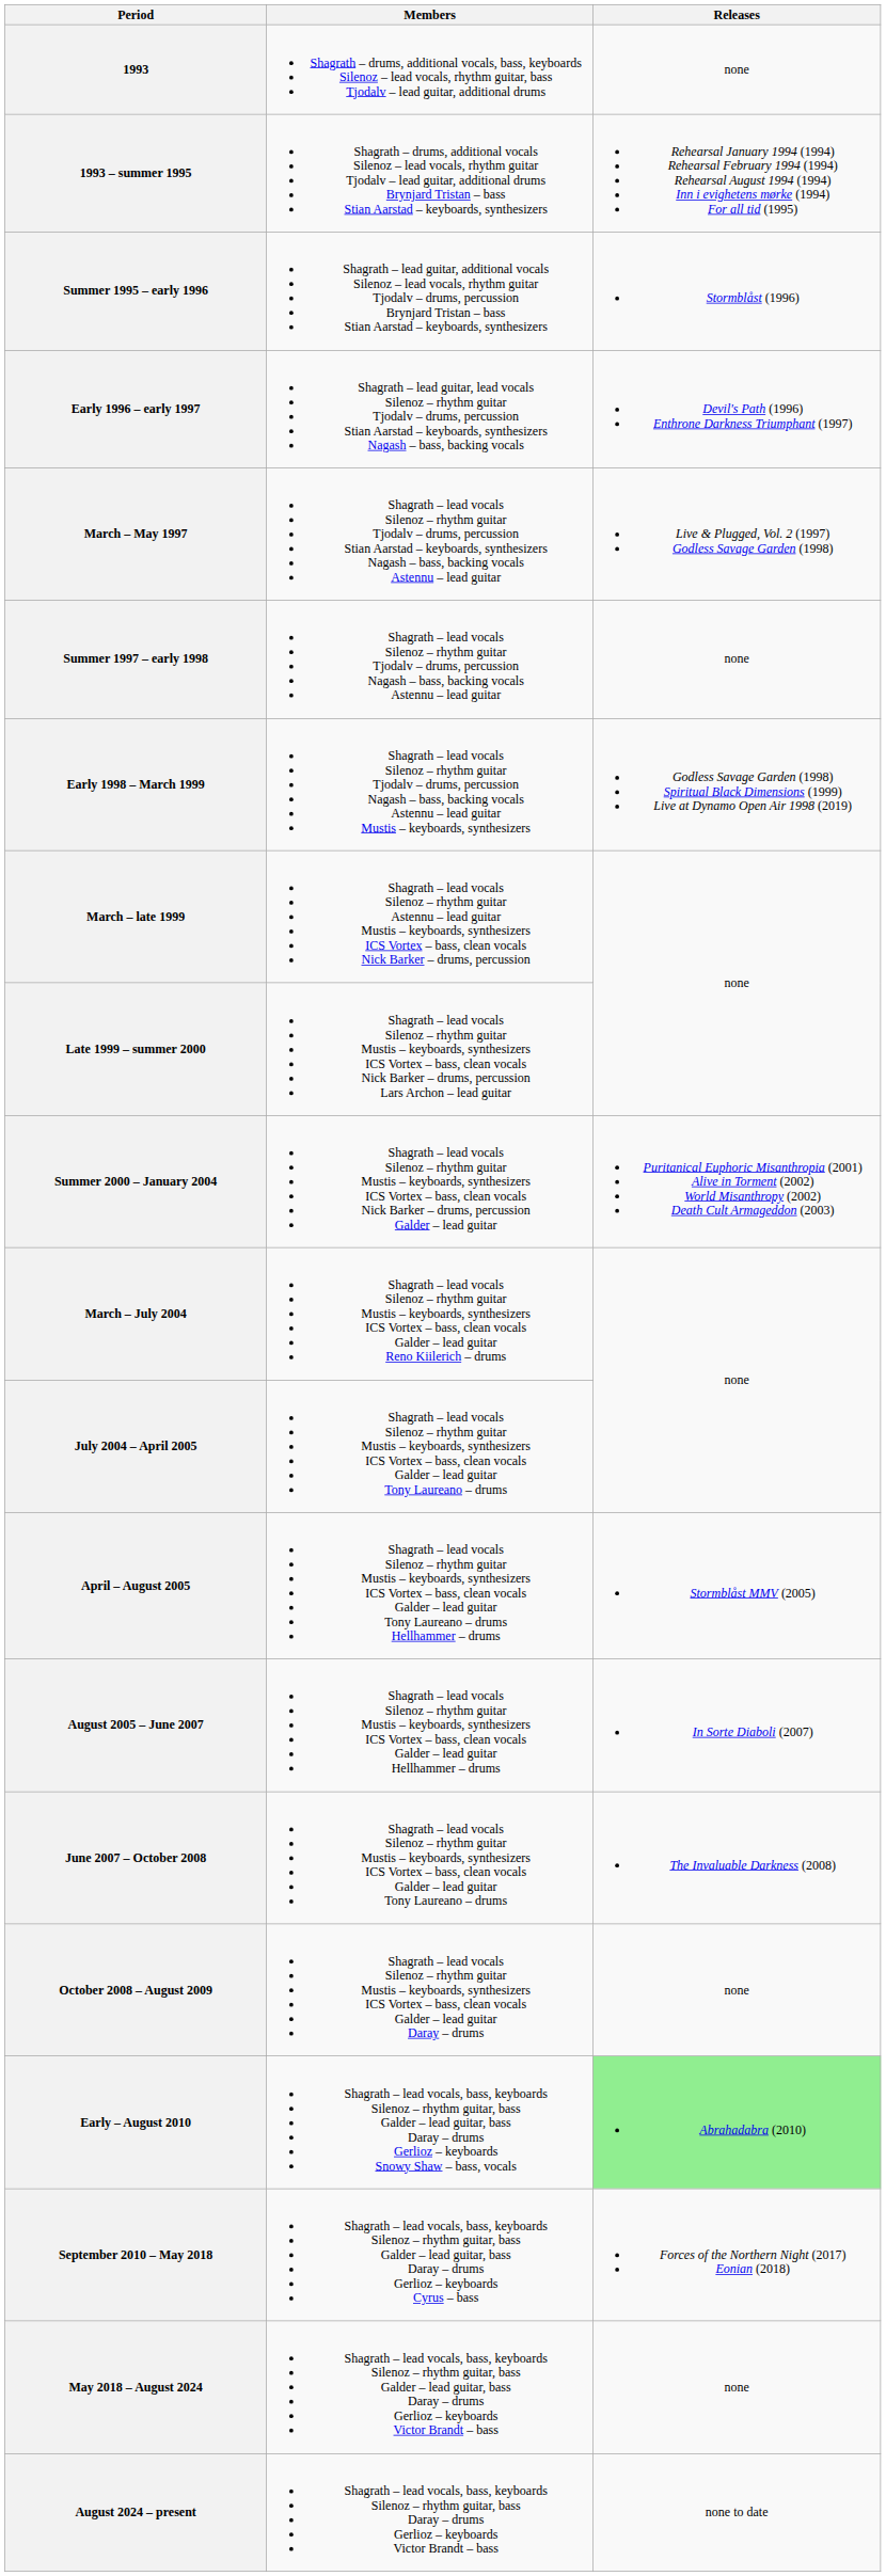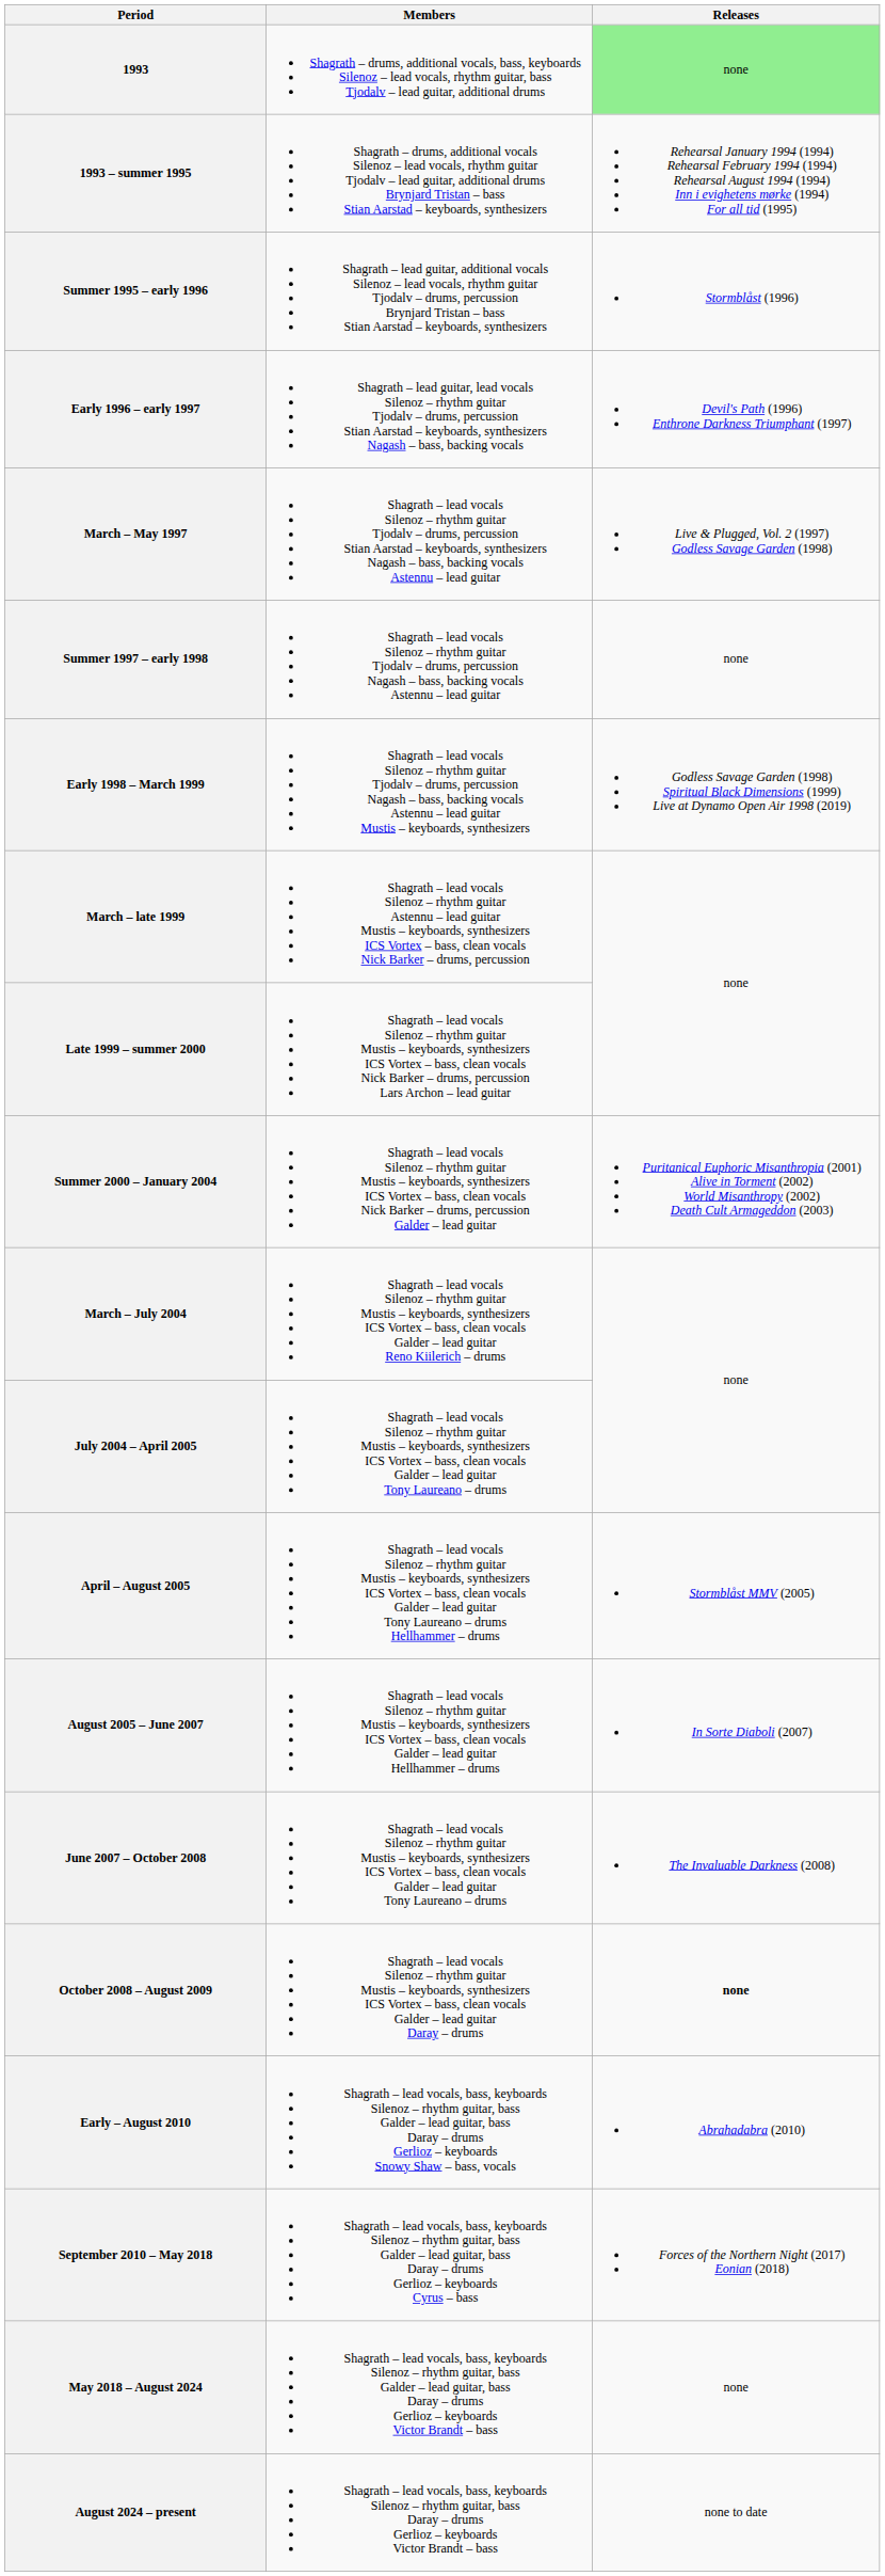 <table class="wikitable plainrowheaders" style="text-align:center;">
 <tr>
 <th scope="col" style="width:20em;">Period</th>
 <th scope="col" style="width:25em;">Members</th>
 <th scope="col" style="width:22em;">Releases</th>
 </tr>
 <tr>
 <th scope="col">1993</th>
 <td><br><ul><li><a href='#'>Shagrath</a> – drums, additional vocals, bass, keyboards</li><li><a href='#'>Silenoz</a> – lead vocals, rhythm guitar, bass</li><li><a href='#'>Tjodalv</a> – lead guitar, additional drums</li></ul></td>
-<td>none</td>
+<td style="background: lightgreen;">none</td>
 </tr>
 <tr>
 <th scope="col">1993 – summer 1995</th>
 <td><br><ul><li>Shagrath – drums, additional vocals</li><li>Silenoz – lead vocals, rhythm guitar</li><li>Tjodalv – lead guitar, additional drums</li><li><a href='#'>Brynjard Tristan</a> – bass</li><li><a href='#'>Stian Aarstad</a> – keyboards, synthesizers</li></ul></td>
 <td><br><ul><li><em>Rehearsal January 1994</em> (1994)</li><li><em>Rehearsal February 1994</em> (1994)</li><li><em>Rehearsal August 1994</em> (1994)</li><li><em><a href='#'>Inn i evighetens mørke</a></em> (1994)</li><li><em><a href='#'>For all tid</a></em> (1995)</li></ul></td>
 </tr>
 <tr>
 <th scope="col">Summer 1995 – early 1996</th>
 <td><br><ul><li>Shagrath – lead guitar, additional vocals</li><li>Silenoz – lead vocals, rhythm guitar</li><li>Tjodalv – drums, percussion</li><li>Brynjard Tristan – bass</li><li>Stian Aarstad – keyboards, synthesizers</li></ul></td>
 <td><br><ul><li><em><a href='#'>Stormblåst</a></em> (1996)</li></ul></td>
 </tr>
 <tr>
 <th scope="col">Early 1996 – early 1997</th>
 <td><br><ul><li>Shagrath – lead guitar, lead vocals</li><li>Silenoz – rhythm guitar</li><li>Tjodalv – drums, percussion</li><li>Stian Aarstad – keyboards, synthesizers</li><li><a href='#'>Nagash</a> – bass, backing vocals</li></ul></td>
 <td><br><ul><li><em><a href='#'>Devil's Path</a></em> (1996)</li><li><em><a href='#'>Enthrone Darkness Triumphant</a></em> (1997)</li></ul></td>
 </tr>
 <tr>
 <th scope="col">March – May 1997</th>
 <td><br><ul><li>Shagrath – lead vocals</li><li>Silenoz – rhythm guitar</li><li>Tjodalv – drums, percussion</li><li>Stian Aarstad – keyboards, synthesizers</li><li>Nagash – bass, backing vocals</li><li><a href='#'>Astennu</a> – lead guitar</li></ul></td>
 <td><br><ul><li><em>Live & Plugged, Vol. 2</em> (1997)</li><li><em><a href='#'>Godless Savage Garden</a></em> (1998) </li></ul></td>
 </tr>
 <tr>
 <th scope="col">Summer 1997 – early 1998</th>
 <td><br><ul><li>Shagrath – lead vocals</li><li>Silenoz – rhythm guitar</li><li>Tjodalv – drums, percussion</li><li>Nagash – bass, backing vocals</li><li>Astennu – lead guitar</li></ul></td>
 <td>none</td>
 </tr>
 <tr>
 <th scope="col">Early 1998 – March 1999</th>
 <td><br><ul><li>Shagrath – lead vocals</li><li>Silenoz – rhythm guitar</li><li>Tjodalv – drums, percussion</li><li>Nagash – bass, backing vocals</li><li>Astennu – lead guitar</li><li><a href='#'>Mustis</a> – keyboards, synthesizers</li></ul></td>
 <td><br><ul><li><em>Godless Savage Garden</em> (1998) </li><li><em><a href='#'>Spiritual Black Dimensions</a></em> (1999)</li><li><em>Live at Dynamo Open Air 1998</em> (2019)</li></ul></td>
 </tr>
 <tr>
 <th scope="col">March – late 1999</th>
 <td><br><ul><li>Shagrath – lead vocals</li><li>Silenoz – rhythm guitar</li><li>Astennu – lead guitar</li><li>Mustis – keyboards, synthesizers</li><li><a href='#'>ICS Vortex</a> – bass, clean vocals</li><li><a href='#'>Nick Barker</a> – drums, percussion</li></ul></td>
 <td rowspan="2">none</td>
 </tr>
 <tr>
 <th scope="col">Late 1999 – summer 2000</th>
 <td><br><ul><li>Shagrath – lead vocals</li><li>Silenoz – rhythm guitar</li><li>Mustis – keyboards, synthesizers</li><li>ICS Vortex – bass, clean vocals</li><li>Nick Barker – drums, percussion</li><li>Lars Archon – lead guitar</li></ul></td>
 </tr>
 <tr>
 <th scope="col">Summer 2000 – January 2004</th>
 <td><br><ul><li>Shagrath – lead vocals</li><li>Silenoz – rhythm guitar</li><li>Mustis – keyboards, synthesizers</li><li>ICS Vortex – bass, clean vocals</li><li>Nick Barker – drums, percussion</li><li><a href='#'>Galder</a> – lead guitar</li></ul></td>
 <td><br><ul><li><em><a href='#'>Puritanical Euphoric Misanthropia</a></em> (2001)</li><li><em><a href='#'>Alive in Torment</a></em> (2002)</li><li><em><a href='#'>World Misanthropy</a></em> (2002)</li><li><em><a href='#'>Death Cult Armageddon</a></em> (2003)</li></ul></td>
 </tr>
 <tr>
 <th scope="col">March – July 2004</th>
 <td><br><ul><li>Shagrath – lead vocals</li><li>Silenoz – rhythm guitar</li><li>Mustis – keyboards, synthesizers</li><li>ICS Vortex – bass, clean vocals</li><li>Galder – lead guitar</li><li><a href='#'>Reno Kiilerich</a> – drums </li></ul></td>
 <td rowspan="2">none</td>
 </tr>
 <tr>
 <th scope="col">July 2004 – April 2005</th>
 <td><br><ul><li>Shagrath – lead vocals</li><li>Silenoz – rhythm guitar</li><li>Mustis – keyboards, synthesizers</li><li>ICS Vortex – bass, clean vocals</li><li>Galder – lead guitar</li><li><a href='#'>Tony Laureano</a> – drums </li></ul></td>
 </tr>
 <tr>
 <th scope="col">April – August 2005</th>
 <td><br><ul><li>Shagrath – lead vocals</li><li>Silenoz – rhythm guitar</li><li>Mustis – keyboards, synthesizers</li><li>ICS Vortex – bass, clean vocals</li><li>Galder – lead guitar</li><li>Tony Laureano – drums </li><li><a href='#'>Hellhammer</a> – drums </li></ul></td>
 <td><br><ul><li><em><a href='#'>Stormblåst MMV</a></em> (2005)<br></li></ul></td>
 </tr>
 <tr>
 <th scope="col">August 2005 – June 2007</th>
 <td><br><ul><li>Shagrath – lead vocals</li><li>Silenoz – rhythm guitar</li><li>Mustis – keyboards, synthesizers</li><li>ICS Vortex – bass, clean vocals</li><li>Galder – lead guitar</li><li>Hellhammer – drums </li></ul></td>
 <td><br><ul><li><em><a href='#'>In Sorte Diaboli</a></em> (2007)</li></ul></td>
 </tr>
 <tr>
 <th scope="col">June 2007 – October 2008</th>
 <td><br><ul><li>Shagrath – lead vocals</li><li>Silenoz – rhythm guitar</li><li>Mustis – keyboards, synthesizers</li><li>ICS Vortex – bass, clean vocals</li><li>Galder – lead guitar</li><li>Tony Laureano – drums </li></ul></td>
 <td><br><ul><li><em><a href='#'>The Invaluable Darkness</a></em> (2008)</li></ul></td>
 </tr>
 <tr>
 <th scope="col">October 2008 – August 2009</th>
 <td><br><ul><li>Shagrath – lead vocals</li><li>Silenoz – rhythm guitar</li><li>Mustis – keyboards, synthesizers</li><li>ICS Vortex – bass, clean vocals</li><li>Galder – lead guitar</li><li><a href='#'>Daray</a> – drums </li></ul></td>
-<td>none</td>
+<td><strong>none</strong></td>
 </tr>
 <tr>
 <th scope="col">Early – August 2010</th>
 <td><br><ul><li>Shagrath – lead vocals, bass, keyboards</li><li>Silenoz – rhythm guitar, bass</li><li>Galder – lead guitar, bass</li><li>Daray – drums </li><li><a href='#'>Gerlioz</a> – keyboards </li><li><a href='#'>Snowy Shaw</a> – bass, vocals </li></ul></td>
-<td style="background: lightgreen;"><br><ul><li><em><a href='#'>Abrahadabra</a></em> (2010)</li></ul></td>
+<td><br><ul><li><em><a href='#'>Abrahadabra</a></em> (2010)</li></ul></td>
 </tr>
 <tr>
 <th scope="col">September 2010 – May 2018</th>
 <td><br><ul><li>Shagrath – lead vocals, bass, keyboards</li><li>Silenoz – rhythm guitar, bass</li><li>Galder – lead guitar, bass</li><li>Daray – drums </li><li>Gerlioz – keyboards </li><li><a href='#'>Cyrus</a> – bass </li></ul></td>
 <td><br><ul><li><em>Forces of the Northern Night</em> (2017)</li><li><em><a href='#'>Eonian</a></em> (2018) </li></ul></td>
 </tr>
 <tr>
 <th scope="col">May 2018 – August 2024</th>
 <td><br><ul><li>Shagrath – lead vocals, bass, keyboards</li><li>Silenoz – rhythm guitar, bass</li><li>Galder – lead guitar, bass</li><li>Daray – drums </li><li>Gerlioz – keyboards </li><li><a href='#'>Victor Brandt</a> – bass </li></ul></td>
 <td>none</td>
 </tr>
 <tr>
 <th>August 2024 – present</th>
 <td><br><ul><li>Shagrath – lead vocals, bass, keyboards</li><li>Silenoz – rhythm guitar, bass</li><li>Daray – drums </li><li>Gerlioz – keyboards </li><li>Victor Brandt – bass </li></ul></td>
 <td>none to date</td>
 </tr>
 </table>
